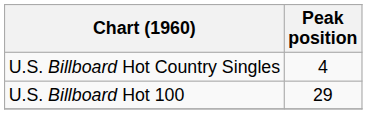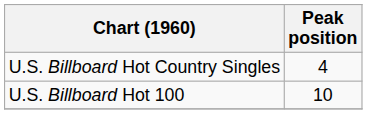 <table class="wikitable sortable">
 <tr>
 <th align="left">Chart (1960)</th>
 <th align="center">Peak<br>position</th>
 </tr>
 <tr>
 <td align="left">U.S. <em>Billboard</em> Hot Country Singles</td>
 <td align="center">4</td>
 </tr>
 <tr>
 <td align="left">U.S. <em>Billboard</em> Hot 100</td>
-<td align="center">29</td>
+<td align="center">10</td>
 </tr>
 <tr>
 </tr>
 </table>
